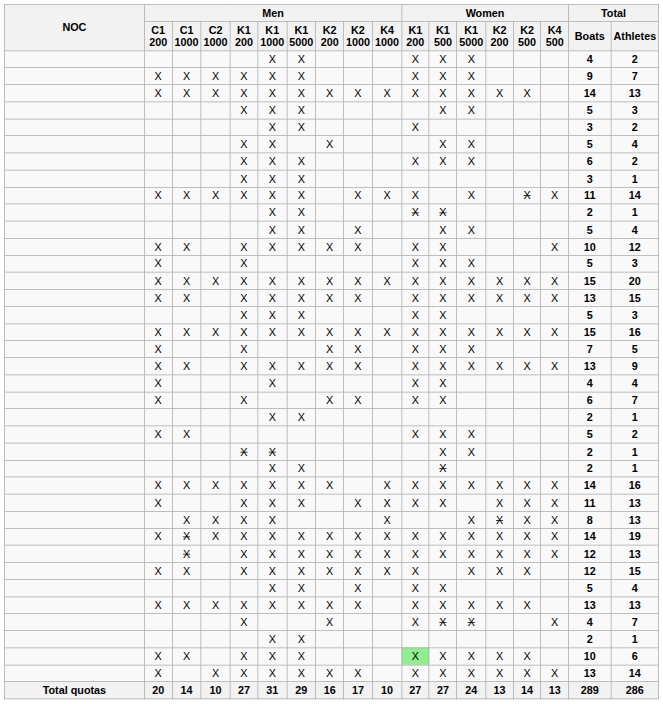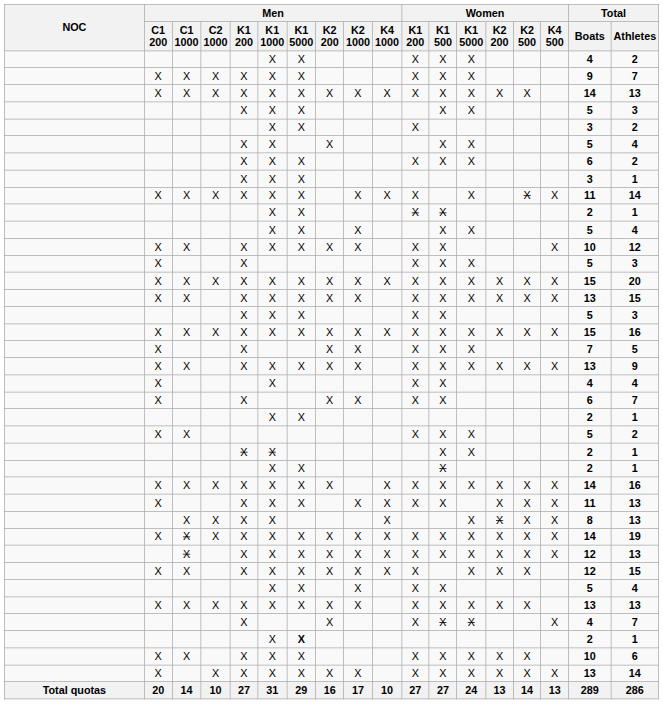 <table class="wikitable sortable" style="text-align:center; font-size:90%">
 <tr>
 <th rowspan="2" width=180 align="left">NOC</th>
 <th colspan="9">Men</th>
 <th colspan=6>Women</th>
 <th ! width=55 colspan=2>Total</th>
 </tr>
 <tr>
 <th width=30>C1<br>200</th>
 <th width=30>C1<br>1000</th>
 <th width=30>C2<br>1000</th>
 <th width=30>K1<br>200</th>
 <th width=30>K1<br>1000</th>
 <th width=30>K1<br>5000</th>
 <th width=30>K2<br>200</th>
 <th width=30>K2<br>1000</th>
 <th width=30>K4<br>1000</th>
 <th width=30>K1<br>200</th>
 <th width=30>K1<br>500</th>
 <th width=30>K1<br>5000</th>
 <th width=30>K2<br>200</th>
 <th width=30>K2<br>500</th>
 <th width=30>K4<br>500</th>
 <th width=50>Boats</th>
 <th width=50>Athletes</th>
 </tr>
 <tr>
 <td align=left></td>
 <td></td>
 <td></td>
 <td></td>
 <td></td>
 <td>X</td>
 <td>X</td>
 <td></td>
 <td></td>
 <td></td>
 <td>X</td>
 <td>X</td>
 <td>X</td>
 <td></td>
 <td></td>
 <td></td>
 <td><strong>4</strong></td>
 <td><strong>2</strong></td>
 </tr>
 <tr>
 <td align=left></td>
 <td>X</td>
 <td>X</td>
 <td>X</td>
 <td>X</td>
 <td>X</td>
 <td>X</td>
 <td></td>
 <td></td>
 <td></td>
 <td>X</td>
 <td>X</td>
 <td>X</td>
 <td></td>
 <td></td>
 <td></td>
 <td><strong>9</strong></td>
 <td><strong>7</strong></td>
 </tr>
 <tr>
 <td align=left></td>
 <td>X</td>
 <td>X</td>
 <td>X</td>
 <td>X</td>
 <td>X</td>
 <td>X</td>
 <td>X</td>
 <td>X</td>
 <td>X</td>
 <td>X</td>
 <td>X</td>
 <td>X</td>
 <td>X</td>
 <td>X</td>
 <td></td>
 <td><strong>14</strong></td>
 <td><strong>13</strong></td>
 </tr>
 <tr>
 <td align=left></td>
 <td></td>
 <td></td>
 <td></td>
 <td>X</td>
 <td>X</td>
 <td>X</td>
 <td></td>
 <td></td>
 <td></td>
 <td></td>
 <td>X</td>
 <td>X</td>
 <td></td>
 <td></td>
 <td></td>
 <td><strong>5</strong></td>
 <td><strong>3</strong></td>
 </tr>
 <tr>
 <td align=left></td>
 <td></td>
 <td></td>
 <td></td>
 <td></td>
 <td>X</td>
 <td>X</td>
 <td></td>
 <td></td>
 <td></td>
 <td>X</td>
 <td></td>
 <td></td>
 <td></td>
 <td></td>
 <td></td>
 <td><strong>3</strong></td>
 <td><strong>2</strong></td>
 </tr>
 <tr>
 <td align=left></td>
 <td></td>
 <td></td>
 <td></td>
 <td>X</td>
 <td>X</td>
 <td></td>
 <td>X</td>
 <td></td>
 <td></td>
 <td></td>
 <td>X</td>
 <td>X</td>
 <td></td>
 <td></td>
 <td></td>
 <td><strong>5</strong></td>
 <td><strong>4</strong></td>
 </tr>
 <tr>
 <td align=left></td>
 <td></td>
 <td></td>
 <td></td>
 <td>X</td>
 <td>X</td>
 <td>X</td>
 <td></td>
 <td></td>
 <td></td>
 <td>X</td>
 <td>X</td>
 <td>X</td>
 <td></td>
 <td></td>
 <td></td>
 <td><strong>6</strong></td>
 <td><strong>2</strong></td>
 </tr>
 <tr>
 <td align=left></td>
 <td></td>
 <td></td>
 <td></td>
 <td>X</td>
 <td>X</td>
 <td>X</td>
 <td></td>
 <td></td>
 <td></td>
 <td></td>
 <td></td>
 <td></td>
 <td></td>
 <td></td>
 <td></td>
 <td><strong>3</strong></td>
 <td><strong>1</strong></td>
 </tr>
 <tr>
 <td align=left></td>
 <td>X</td>
 <td>X</td>
 <td>X</td>
 <td>X</td>
 <td>X</td>
 <td>X</td>
 <td></td>
 <td>X</td>
 <td>X</td>
 <td>X</td>
 <td></td>
 <td>X</td>
 <td></td>
 <td><s>X</s></td>
 <td>X</td>
 <td><strong>11</strong></td>
 <td><strong>14</strong></td>
 </tr>
 <tr>
 <td align=left></td>
 <td></td>
 <td></td>
 <td></td>
 <td></td>
 <td>X</td>
 <td>X</td>
 <td></td>
 <td></td>
 <td></td>
 <td><s>X</s></td>
 <td><s>X</s></td>
 <td></td>
 <td></td>
 <td></td>
 <td></td>
 <td><strong>2</strong></td>
 <td><strong>1</strong></td>
 </tr>
 <tr>
 <td align=left></td>
 <td></td>
 <td></td>
 <td></td>
 <td></td>
 <td>X</td>
 <td>X</td>
 <td></td>
 <td>X</td>
 <td></td>
 <td></td>
 <td>X</td>
 <td>X</td>
 <td></td>
 <td></td>
 <td></td>
 <td><strong>5</strong></td>
 <td><strong>4</strong></td>
 </tr>
 <tr>
 <td align=left></td>
 <td>X</td>
 <td>X</td>
 <td></td>
 <td>X</td>
 <td>X</td>
 <td>X</td>
 <td>X</td>
 <td>X</td>
 <td></td>
 <td>X</td>
 <td>X</td>
 <td></td>
 <td></td>
 <td></td>
 <td>X</td>
 <td><strong>10</strong></td>
 <td><strong>12</strong></td>
 </tr>
 <tr>
 <td align=left></td>
 <td>X</td>
 <td></td>
 <td></td>
 <td>X</td>
 <td></td>
 <td></td>
 <td></td>
 <td></td>
 <td></td>
 <td>X</td>
 <td>X</td>
 <td>X</td>
 <td></td>
 <td></td>
 <td></td>
 <td><strong>5</strong></td>
 <td><strong>3</strong></td>
 </tr>
 <tr>
 <td align=left></td>
 <td>X</td>
 <td>X</td>
 <td>X</td>
 <td>X</td>
 <td>X</td>
 <td>X</td>
 <td>X</td>
 <td>X</td>
 <td>X</td>
 <td>X</td>
 <td>X</td>
 <td>X</td>
 <td>X</td>
 <td>X</td>
 <td>X</td>
 <td><strong>15</strong></td>
 <td><strong>20</strong></td>
 </tr>
 <tr>
 <td align=left></td>
 <td>X</td>
 <td>X</td>
 <td></td>
 <td>X</td>
 <td>X</td>
 <td>X</td>
 <td>X</td>
 <td>X</td>
 <td></td>
 <td>X</td>
 <td>X</td>
 <td>X</td>
 <td>X</td>
 <td>X</td>
 <td>X</td>
 <td><strong>13</strong></td>
 <td><strong>15</strong></td>
 </tr>
 <tr>
 <td align=left></td>
 <td></td>
 <td></td>
 <td></td>
 <td>X</td>
 <td>X</td>
 <td>X</td>
 <td></td>
 <td></td>
 <td></td>
 <td>X</td>
 <td>X</td>
 <td></td>
 <td></td>
 <td></td>
 <td></td>
 <td><strong>5</strong></td>
 <td><strong>3</strong></td>
 </tr>
 <tr>
 <td align=left></td>
 <td>X</td>
 <td>X</td>
 <td>X</td>
 <td>X</td>
 <td>X</td>
 <td>X</td>
 <td>X</td>
 <td>X</td>
 <td>X</td>
 <td>X</td>
 <td>X</td>
 <td>X</td>
 <td>X</td>
 <td>X</td>
 <td>X</td>
 <td><strong>15</strong></td>
 <td><strong>16</strong></td>
 </tr>
 <tr>
 <td align=left></td>
 <td>X</td>
 <td></td>
 <td></td>
 <td>X</td>
 <td></td>
 <td></td>
 <td>X</td>
 <td>X</td>
 <td></td>
 <td>X</td>
 <td>X</td>
 <td>X</td>
 <td></td>
 <td></td>
 <td></td>
 <td><strong>7</strong></td>
 <td><strong>5</strong></td>
 </tr>
 <tr>
 <td align=left></td>
 <td>X</td>
 <td>X</td>
 <td></td>
 <td>X</td>
 <td>X</td>
 <td>X</td>
 <td>X</td>
 <td>X</td>
 <td></td>
 <td>X</td>
 <td>X</td>
 <td>X</td>
 <td>X</td>
 <td>X</td>
 <td>X</td>
 <td><strong>13</strong></td>
 <td><strong>9</strong></td>
 </tr>
 <tr>
 <td align=left></td>
 <td>X</td>
 <td></td>
 <td></td>
 <td></td>
 <td>X</td>
 <td></td>
 <td></td>
 <td></td>
 <td></td>
 <td>X</td>
 <td>X</td>
 <td></td>
 <td></td>
 <td></td>
 <td></td>
 <td><strong>4</strong></td>
 <td><strong>4</strong></td>
 </tr>
 <tr>
 <td align=left></td>
 <td>X</td>
 <td></td>
 <td></td>
 <td>X</td>
 <td></td>
 <td></td>
 <td>X</td>
 <td>X</td>
 <td></td>
 <td>X</td>
 <td>X</td>
 <td></td>
 <td></td>
 <td></td>
 <td></td>
 <td><strong>6</strong></td>
 <td><strong>7</strong></td>
 </tr>
 <tr>
 <td align=left></td>
 <td></td>
 <td></td>
 <td></td>
 <td></td>
 <td>X</td>
 <td>X</td>
 <td></td>
 <td></td>
 <td></td>
 <td></td>
 <td></td>
 <td></td>
 <td></td>
 <td></td>
 <td></td>
 <td><strong>2</strong></td>
 <td><strong>1</strong></td>
 </tr>
 <tr>
 <td align=left></td>
 <td>X</td>
 <td>X</td>
 <td></td>
 <td></td>
 <td></td>
 <td></td>
 <td></td>
 <td></td>
 <td></td>
 <td>X</td>
 <td>X</td>
 <td>X</td>
 <td></td>
 <td></td>
 <td></td>
 <td><strong>5</strong></td>
 <td><strong>2</strong></td>
 </tr>
 <tr>
 <td align=left></td>
 <td></td>
 <td></td>
 <td></td>
 <td><s>X</s></td>
 <td><s>X</s></td>
 <td></td>
 <td></td>
 <td></td>
 <td></td>
 <td></td>
 <td>X</td>
 <td>X</td>
 <td></td>
 <td></td>
 <td></td>
 <td><strong>2</strong></td>
 <td><strong>1</strong></td>
 </tr>
 <tr>
 <td align=left></td>
 <td></td>
 <td></td>
 <td></td>
 <td></td>
 <td>X</td>
 <td>X</td>
 <td></td>
 <td></td>
 <td></td>
 <td></td>
 <td><s>X</s></td>
 <td></td>
 <td></td>
 <td></td>
 <td></td>
 <td><strong>2</strong></td>
 <td><strong>1</strong></td>
 </tr>
 <tr>
 <td align=left></td>
 <td>X</td>
 <td>X</td>
 <td>X</td>
 <td>X</td>
 <td>X</td>
 <td>X</td>
 <td>X</td>
 <td></td>
 <td>X</td>
 <td>X</td>
 <td>X</td>
 <td>X</td>
 <td>X</td>
 <td>X</td>
 <td>X</td>
 <td><strong>14</strong></td>
 <td><strong>16</strong></td>
 </tr>
 <tr>
 <td align=left></td>
 <td>X</td>
 <td></td>
 <td></td>
 <td>X</td>
 <td>X</td>
 <td>X</td>
 <td></td>
 <td>X</td>
 <td>X</td>
 <td>X</td>
 <td>X</td>
 <td></td>
 <td>X</td>
 <td>X</td>
 <td>X</td>
 <td><strong>11</strong></td>
 <td><strong>13</strong></td>
 </tr>
 <tr>
 <td align=left></td>
 <td></td>
 <td>X</td>
 <td>X</td>
 <td>X</td>
 <td>X</td>
 <td></td>
 <td></td>
 <td></td>
 <td>X</td>
 <td></td>
 <td></td>
 <td>X</td>
 <td><s>X</s></td>
 <td>X</td>
 <td>X</td>
 <td><strong>8</strong></td>
 <td><strong>13</strong></td>
 </tr>
 <tr>
 <td align=left></td>
 <td>X</td>
 <td><s>X</s></td>
 <td>X</td>
 <td>X</td>
 <td>X</td>
 <td>X</td>
 <td>X</td>
 <td>X</td>
 <td>X</td>
 <td>X</td>
 <td>X</td>
 <td>X</td>
 <td>X</td>
 <td>X</td>
 <td>X</td>
 <td><strong>14</strong></td>
 <td><strong>19</strong></td>
 </tr>
 <tr>
 <td align=left></td>
 <td></td>
 <td><s>X</s></td>
 <td></td>
 <td>X</td>
 <td>X</td>
 <td>X</td>
 <td>X</td>
 <td>X</td>
 <td>X</td>
 <td>X</td>
 <td>X</td>
 <td>X</td>
 <td>X</td>
 <td>X</td>
 <td>X</td>
 <td><strong>12</strong></td>
 <td><strong>13</strong></td>
 </tr>
 <tr>
 <td align=left></td>
 <td>X</td>
 <td>X</td>
 <td></td>
 <td>X</td>
 <td>X</td>
 <td>X</td>
 <td>X</td>
 <td>X</td>
 <td>X</td>
 <td>X</td>
 <td></td>
 <td>X</td>
 <td>X</td>
 <td>X</td>
 <td></td>
 <td><strong>12</strong></td>
 <td><strong>15</strong></td>
 </tr>
 <tr>
 <td align=left></td>
 <td></td>
 <td></td>
 <td></td>
 <td></td>
 <td>X</td>
 <td>X</td>
 <td></td>
 <td>X</td>
 <td></td>
 <td>X</td>
 <td>X</td>
 <td></td>
 <td></td>
 <td></td>
 <td></td>
 <td><strong>5</strong></td>
 <td><strong>4</strong></td>
 </tr>
 <tr>
 <td align=left></td>
 <td>X</td>
 <td>X</td>
 <td>X</td>
 <td>X</td>
 <td>X</td>
 <td>X</td>
 <td>X</td>
 <td>X</td>
 <td></td>
 <td>X</td>
 <td>X</td>
 <td>X</td>
 <td>X</td>
 <td>X</td>
 <td></td>
 <td><strong>13</strong></td>
 <td><strong>13</strong></td>
 </tr>
 <tr>
 <td align=left></td>
 <td></td>
 <td></td>
 <td></td>
 <td>X</td>
 <td></td>
 <td></td>
 <td>X</td>
 <td></td>
 <td></td>
 <td>X</td>
 <td><s>X</s></td>
 <td><s>X</s></td>
 <td></td>
 <td></td>
 <td>X</td>
 <td><strong>4</strong></td>
 <td><strong>7</strong></td>
 </tr>
 <tr>
 <td align=left></td>
 <td></td>
 <td></td>
 <td></td>
 <td></td>
 <td>X</td>
-<td>X</td>
+<td><strong>X</strong></td>
 <td></td>
 <td></td>
 <td></td>
 <td></td>
 <td></td>
 <td></td>
 <td></td>
 <td></td>
 <td></td>
 <td><strong>2</strong></td>
 <td><strong>1</strong></td>
 </tr>
 <tr>
 <td align=left></td>
 <td>X</td>
 <td>X</td>
 <td></td>
 <td>X</td>
 <td>X</td>
 <td>X</td>
 <td></td>
 <td></td>
 <td></td>
-<td style="background: lightgreen;">X</td>
+<td>X</td>
 <td>X</td>
 <td>X</td>
 <td>X</td>
 <td>X</td>
 <td></td>
 <td><strong>10</strong></td>
 <td><strong>6</strong></td>
 </tr>
 <tr>
 <td align=left></td>
 <td>X</td>
 <td></td>
 <td>X</td>
 <td>X</td>
 <td>X</td>
 <td>X</td>
 <td>X</td>
 <td>X</td>
 <td></td>
 <td>X</td>
 <td>X</td>
 <td>X</td>
 <td>X</td>
 <td>X</td>
 <td>X</td>
 <td><strong>13</strong></td>
 <td><strong>14</strong></td>
 </tr>
 <tr>
 <th rowspan="2" width=180 align="left">Total quotas</th>
 <th>20</th>
 <th>14</th>
 <th>10</th>
 <th>27</th>
 <th>31</th>
 <th>29</th>
 <th>16</th>
 <th>17</th>
 <th>10</th>
 <th>27</th>
 <th>27</th>
 <th>24</th>
 <th>13</th>
 <th>14</th>
 <th>13</th>
 <th>289</th>
 <th>286</th>
 </tr>
 </table>
